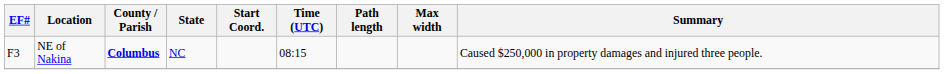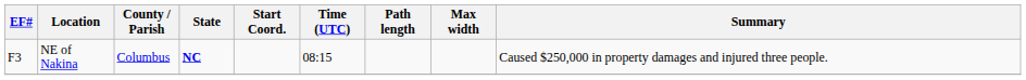 <table class="wikitable sortable" style="width:100%;">
 <tr>
 <th scope="col"  style="width:3%; text-align:center;"><a href='#'>EF#</a></th>
 <th scope="col"  style="width:7%; text-align:center;" class="unsortable">Location</th>
 <th scope="col"  style="width:6%; text-align:center;" class="unsortable">County / Parish</th>
 <th scope="col"  style="width:5%; text-align:center;">State</th>
 <th scope="col"  style="width:6%; text-align:center;">Start Coord.</th>
 <th scope="col"  style="width:6%; text-align:center;">Time (<a href='#'>UTC</a>)</th>
 <th scope="col"  style="width:6%; text-align:center;">Path length</th>
 <th scope="col"  style="width:6%; text-align:center;">Max width</th>
 <th scope="col" class="unsortable" style="width:48%; text-align:center;">Summary</th>
 </tr>
 <tr>
 <td bgcolor=>F3</td>
 <td>NE of <a href='#'>Nakina</a></td>
-<td><strong><a href='#'>Columbus</a></strong></td>
-<td><a href='#'>NC</a></td>
+<td><a href='#'>Columbus</a></td>
+<td><strong><a href='#'>NC</a></strong></td>
 <td></td>
 <td>08:15</td>
 <td></td>
 <td></td>
 <td>Caused $250,000 in property damages and injured three people.</td>
 </tr>
 <tr>
 </tr>
 </table>
